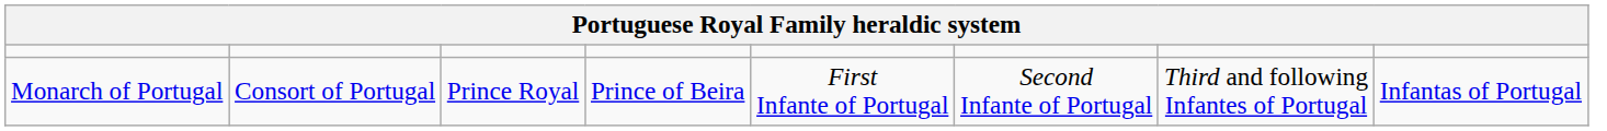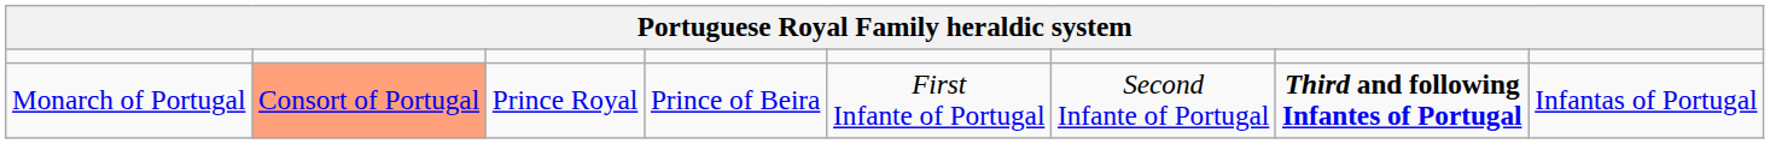 <table class="wikitable center">
 <tr>
 <th colspan=8>Portuguese Royal Family heraldic system</th>
 </tr>
 <tr>
 <td align=center></td>
 <td align=center></td>
 <td align=center></td>
 <td align=center></td>
 <td align=center></td>
 <td align=center></td>
 <td align=center></td>
 <td align=center></td>
 </tr>
 <tr>
 <td align=center><a href='#'>Monarch of Portugal</a></td>
-<td align=center><a href='#'>Consort of Portugal</a></td>
+<td align=center style="background: lightsalmon;"><a href='#'>Consort of Portugal</a></td>
 <td align=center><a href='#'>Prince Royal</a></td>
 <td align=center><a href='#'>Prince of Beira</a></td>
 <td align=center><em>First</em><br><a href='#'>Infante of Portugal</a></td>
 <td align=center><em>Second</em><br><a href='#'>Infante of Portugal</a></td>
-<td align=center><em>Third</em> and following<br><a href='#'>Infantes of Portugal</a></td>
+<td align=center><strong><em>Third</em> and following<br><a href='#'>Infantes of Portugal</a></strong></td>
 <td align=center><a href='#'>Infantas of Portugal</a></td>
 </tr>
 </table>
